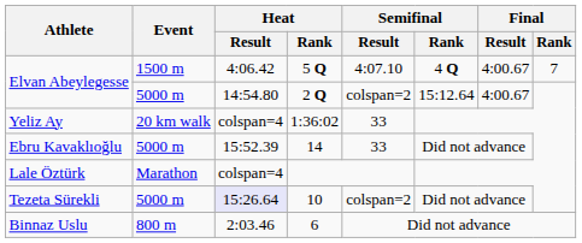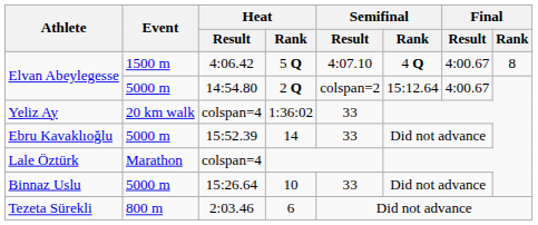 <table class=wikitable style="font-size:90%">
 <tr>
 <th rowspan="2">Athlete</th>
 <th rowspan="2">Event</th>
 <th colspan="2">Heat</th>
 <th colspan="2">Semifinal</th>
 <th colspan="2">Final</th>
 </tr>
 <tr style="font-size:95%">
 <th>Result</th>
 <th>Rank</th>
 <th>Result</th>
 <th>Rank</th>
 <th>Result</th>
 <th>Rank</th>
 </tr>
 <tr align=center>
 <td align=left rowspan=2><a href='#'>Elvan Abeylegesse</a></td>
 <td align="left"><a href='#'>1500 m</a></td>
 <td>4:06.42</td>
 <td>5 <strong>Q</strong></td>
 <td>4:07.10</td>
 <td>4 <strong>Q</strong></td>
 <td>4:00.67</td>
-<td>7</td>
+<td>8</td>
 </tr>
 <tr align=center>
 <td align="left"><a href='#'>5000 m</a></td>
 <td>14:54.80</td>
 <td>2 <strong>Q</strong></td>
 <td>colspan=2 </td>
 <td>15:12.64</td>
 <td>4:00.67</td>
 </tr>
 <tr align=center>
 <td align=left><a href='#'>Yeliz Ay</a></td>
 <td align=left><a href='#'>20 km walk</a></td>
 <td>colspan=4 </td>
 <td>1:36:02</td>
 <td>33</td>
 </tr>
 <tr align=center>
 <td align=left><a href='#'>Ebru Kavaklıoğlu</a></td>
 <td align=left><a href='#'>5000 m</a></td>
 <td>15:52.39</td>
 <td>14</td>
 <td>33</td>
 <td colspan=2>Did not advance</td>
 </tr>
 <tr align=center>
 <td align=left><a href='#'>Lale Öztürk</a></td>
 <td align=left><a href='#'>Marathon</a></td>
 <td>colspan=4 </td>
 <td colspan=2></td>
 </tr>
 <tr align=center>
-<td align=left><a href='#'>Tezeta Sürekli</a></td>
+<td align=left><a href='#'>Binnaz Uslu</a></td>
 <td align=left><a href='#'>5000 m</a></td>
-<td style="background: lavender;">15:26.64</td>
+<td>15:26.64</td>
 <td>10</td>
-<td>colspan=2 </td>
+<td>33</td>
 <td colspan=2>Did not advance</td>
 </tr>
 <tr align=center>
-<td align=left><a href='#'>Binnaz Uslu</a></td>
+<td align=left><a href='#'>Tezeta Sürekli</a></td>
 <td align=left><a href='#'>800 m</a></td>
 <td>2:03.46</td>
 <td>6</td>
 <td colspan=4>Did not advance</td>
 </tr>
 </table>
